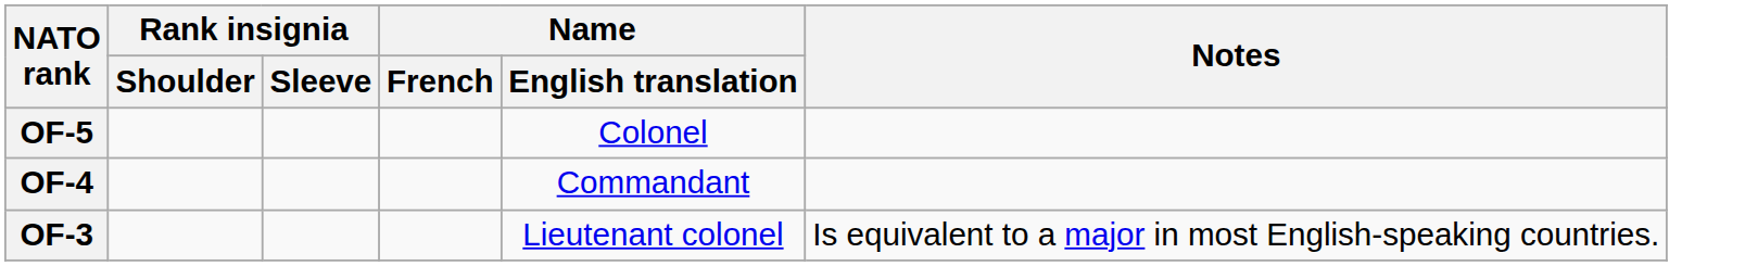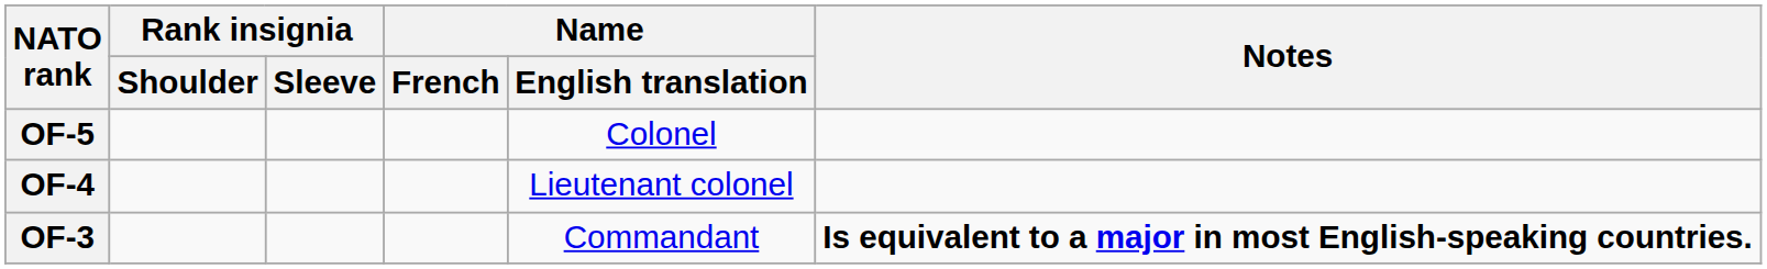 <table class="wikitable plainrowheaders" style="text-align:center;" border="1">
 <tr>
 <th rowspan=2>NATO<br>rank</th>
 <th colspan=2>Rank insignia</th>
 <th colspan=2>Name</th>
 <th rowspan=2>Notes</th>
 </tr>
 <tr>
 <th>Shoulder</th>
 <th>Sleeve</th>
 <th>French</th>
 <th>English translation</th>
 </tr>
 <tr>
 <th>OF-5</th>
 <td></td>
 <td></td>
 <td></td>
 <td><a href='#'>Colonel</a></td>
 <td></td>
 </tr>
 <tr>
 <th>OF-4</th>
 <td></td>
 <td></td>
 <td></td>
-<td><a href='#'>Commandant</a></td>
+<td><a href='#'>Lieutenant colonel</a></td>
 <td></td>
 </tr>
 <tr>
 <th>OF-3</th>
 <td></td>
 <td></td>
 <td></td>
-<td><a href='#'>Lieutenant colonel</a></td>
-<td>Is equivalent to a <a href='#'>major</a> in most English-speaking countries.</td>
+<td><a href='#'>Commandant</a></td>
+<td><strong>Is equivalent to a <a href='#'>major</a> in most English-speaking countries.</strong></td>
 </tr>
 </table>
